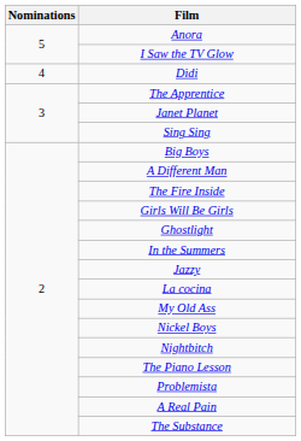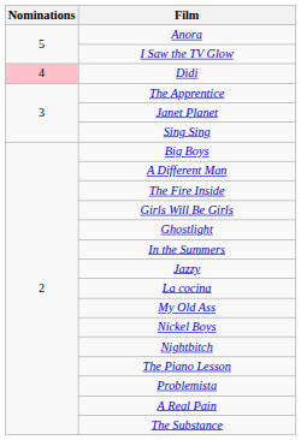 <table class="wikitable" rowspan="2" border="2" style="text-align:center;">
 <tr>
 <th scope="col" width="50">Nominations</th>
 <th scope="col" width="275">Film</th>
 </tr>
 <tr>
 <td rowspan="2">5</td>
 <td><em><a href='#'>Anora</a></em></td>
 </tr>
 <tr>
 <td><em><a href='#'>I Saw the TV Glow</a></em></td>
 </tr>
 <tr>
-<td>4</td>
+<td style="background: pink;">4</td>
 <td><em><a href='#'>Dìdi</a></em></td>
 </tr>
 <tr>
 <td rowspan="3">3</td>
 <td><em><a href='#'>The Apprentice</a></em></td>
 </tr>
 <tr>
 <td><em><a href='#'>Janet Planet</a></em></td>
 </tr>
 <tr>
 <td><em><a href='#'>Sing Sing</a></em></td>
 </tr>
 <tr>
 <td rowspan="15">2</td>
 <td><em><a href='#'>Big Boys</a></em></td>
 </tr>
 <tr>
 <td><em><a href='#'>A Different Man</a></em></td>
 </tr>
 <tr>
 <td><em><a href='#'>The Fire Inside</a></em></td>
 </tr>
 <tr>
 <td><em><a href='#'>Girls Will Be Girls</a></em></td>
 </tr>
 <tr>
 <td><em><a href='#'>Ghostlight</a></em></td>
 </tr>
 <tr>
 <td><em><a href='#'>In the Summers</a></em></td>
 </tr>
 <tr>
 <td><em><a href='#'>Jazzy</a></em></td>
 </tr>
 <tr>
 <td><em><a href='#'>La cocina</a></em></td>
 </tr>
 <tr>
 <td><em><a href='#'>My Old Ass</a></em></td>
 </tr>
 <tr>
 <td><em><a href='#'>Nickel Boys</a></em></td>
 </tr>
 <tr>
 <td><em><a href='#'>Nightbitch</a></em></td>
 </tr>
 <tr>
 <td><em><a href='#'>The Piano Lesson</a></em></td>
 </tr>
 <tr>
 <td><em><a href='#'>Problemista</a></em></td>
 </tr>
 <tr>
 <td><em><a href='#'>A Real Pain</a></em></td>
 </tr>
 <tr>
 <td><em><a href='#'>The Substance</a></em></td>
 </tr>
 </table>
